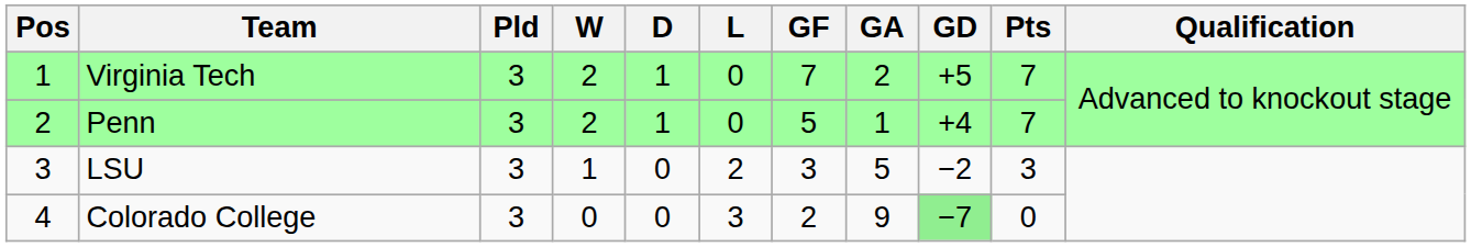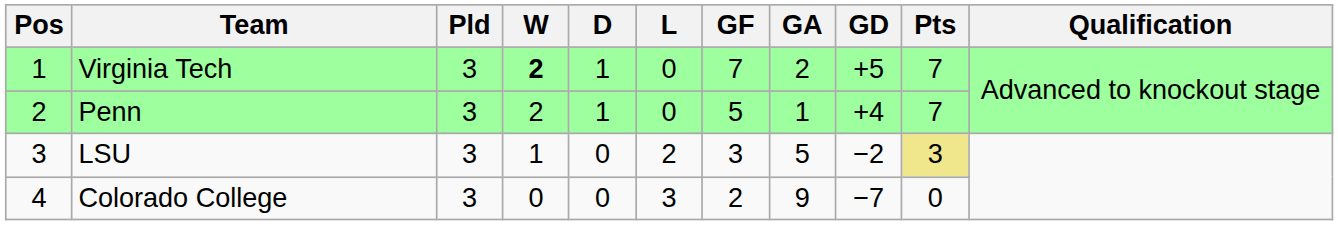 <table class="wikitable" style="text-align:center; margin: 1em auto">
 <tr>
 <th style="width:2em">Pos</th>
 <th style="width:13em">Team</th>
 <th style="width:2em">Pld</th>
 <th style="width:2em">W</th>
 <th style="width:2em">D</th>
 <th style="width:2em">L</th>
 <th style="width:2em">GF</th>
 <th style="width:2em">GA</th>
 <th style="width:2em">GD</th>
 <th style="width:2em">Pts</th>
 <th style="width:13em">Qualification</th>
 </tr>
 <tr bgcolor="#9eff9e">
 <td>1</td>
 <td style="text-align:left">Virginia Tech</td>
 <td>3</td>
-<td>2</td>
+<td><strong>2</strong></td>
 <td>1</td>
 <td>0</td>
 <td>7</td>
 <td>2</td>
 <td>+5</td>
 <td>7</td>
 <td rowspan="2">Advanced to knockout stage</td>
 </tr>
 <tr bgcolor="#9eff9e">
 <td>2</td>
 <td style="text-align:left">Penn</td>
 <td>3</td>
 <td>2</td>
 <td>1</td>
 <td>0</td>
 <td>5</td>
 <td>1</td>
 <td>+4</td>
 <td>7</td>
 </tr>
 <tr>
 <td>3</td>
 <td style="text-align:left">LSU</td>
 <td>3</td>
 <td>1</td>
 <td>0</td>
 <td>2</td>
 <td>3</td>
 <td>5</td>
 <td>−2</td>
-<td>3</td>
+<td style="background: khaki;">3</td>
 <td rowspan="2"></td>
 </tr>
 <tr>
 <td>4</td>
 <td style="text-align:left">Colorado College</td>
 <td>3</td>
 <td>0</td>
 <td>0</td>
 <td>3</td>
 <td>2</td>
 <td>9</td>
-<td style="background: lightgreen;">−7</td>
+<td>−7</td>
 <td>0</td>
 </tr>
 </table>
